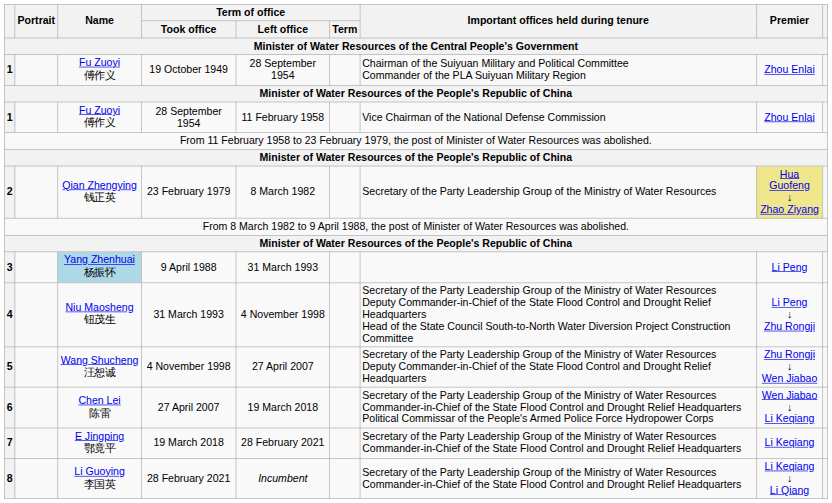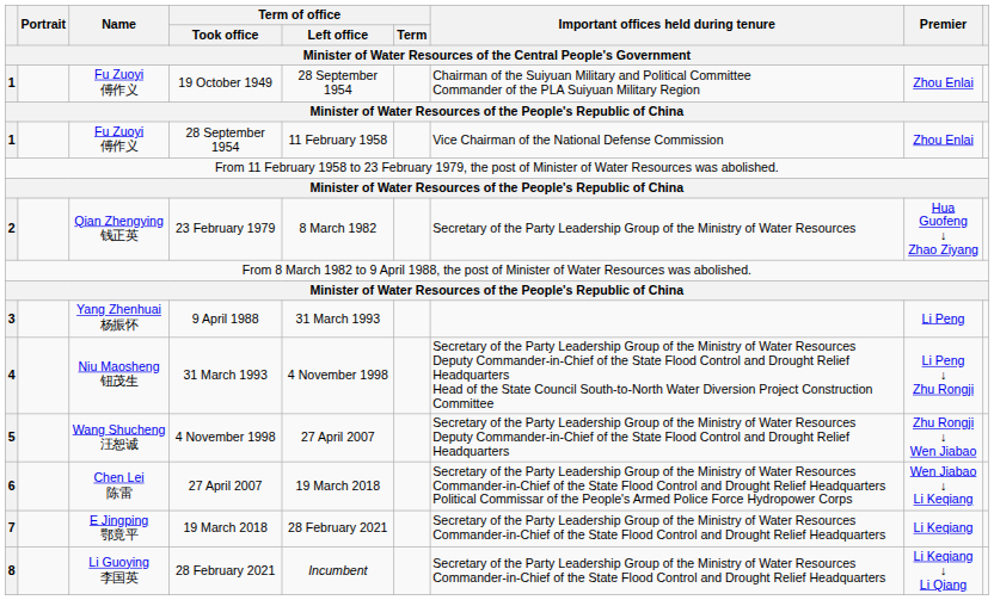 <table class="wikitable" style="text-align:center">
 <tr>
 <th rowspan="2"></th>
 <th rowspan="2">Portrait</th>
 <th rowspan="2" width="120">Name<br></th>
 <th colspan="3">Term of office</th>
 <th rowspan="2">Important offices held during tenure</th>
 <th rowspan="2">Premier</th>
 <th rowspan="2"></th>
 </tr>
 <tr>
 <th>Took office</th>
 <th>Left office</th>
 <th>Term</th>
 </tr>
 <tr>
 <th colspan="9"><strong>Minister of Water Resources of the Central People's Government</strong></th>
 </tr>
 <tr>
 <th>1</th>
 <td></td>
 <td><a href='#'>Fu Zuoyi</a><br>傅作义<br></td>
 <td>19 October 1949</td>
 <td>28 September 1954</td>
 <td></td>
 <td align="left">Chairman of the Suiyuan Military and Political Committee<br>Commander of the PLA Suiyuan Military Region</td>
 <td><a href='#'>Zhou Enlai</a></td>
 <td></td>
 </tr>
 <tr>
 <th colspan="9"><strong>Minister of Water Resources of the People's Republic of China</strong></th>
 </tr>
 <tr>
 <th>1</th>
 <td></td>
 <td><a href='#'>Fu Zuoyi</a><br>傅作义<br></td>
 <td>28 September 1954</td>
 <td>11 February 1958</td>
 <td></td>
 <td align="left">Vice Chairman of the National Defense Commission</td>
 <td><a href='#'>Zhou Enlai</a></td>
 <td></td>
 </tr>
 <tr>
 <td colspan="9">From 11 February 1958 to 23 February 1979, the post of Minister of Water Resources was abolished.</td>
 </tr>
 <tr>
 <th colspan="9"><strong>Minister of Water Resources of the People's Republic of China</strong></th>
 </tr>
 <tr>
 <th>2</th>
 <td></td>
 <td><a href='#'>Qian Zhengying</a><br>钱正英<br></td>
 <td>23 February 1979</td>
 <td>8 March 1982</td>
 <td></td>
 <td align="left">Secretary of the Party Leadership Group of the Ministry of Water Resources</td>
-<td style="background: khaki;"><a href='#'>Hua Guofeng</a><br>↓<br><a href='#'>Zhao Ziyang</a></td>
+<td><a href='#'>Hua Guofeng</a><br>↓<br><a href='#'>Zhao Ziyang</a></td>
 <td></td>
 </tr>
 <tr>
 <td colspan="9">From 8 March 1982 to 9 April 1988, the post of Minister of Water Resources was abolished.</td>
 </tr>
 <tr>
 <th colspan="9"><strong>Minister of Water Resources of the People's Republic of China</strong></th>
 </tr>
 <tr>
 <th>3</th>
 <td></td>
-<td style="background: lightblue;"><a href='#'>Yang Zhenhuai</a><br>杨振怀<br></td>
+<td><a href='#'>Yang Zhenhuai</a><br>杨振怀<br></td>
 <td>9 April 1988</td>
 <td>31 March 1993</td>
 <td></td>
 <td align="left"></td>
 <td><a href='#'>Li Peng</a></td>
 <td></td>
 </tr>
 <tr>
 <th>4</th>
 <td></td>
 <td><a href='#'>Niu Maosheng</a><br>钮茂生<br></td>
 <td>31 March 1993</td>
 <td>4 November 1998</td>
 <td></td>
 <td align="left">Secretary of the Party Leadership Group of the Ministry of Water Resources<br>Deputy Commander-in-Chief of the State Flood Control and Drought Relief Headquarters<br>Head of the State Council South-to-North Water Diversion Project Construction Committee</td>
 <td><a href='#'>Li Peng</a><br>↓<br><a href='#'>Zhu Rongji</a></td>
 <td></td>
 </tr>
 <tr>
 <th>5</th>
 <td></td>
 <td><a href='#'>Wang Shucheng</a><br>汪恕诚<br></td>
 <td>4 November 1998</td>
 <td>27 April 2007</td>
 <td></td>
 <td align="left">Secretary of the Party Leadership Group of the Ministry of Water Resources<br>Deputy Commander-in-Chief of the State Flood Control and Drought Relief Headquarters</td>
 <td><a href='#'>Zhu Rongji</a><br>↓<br><a href='#'>Wen Jiabao</a></td>
 <td></td>
 </tr>
 <tr>
 <th>6</th>
 <td></td>
 <td><a href='#'>Chen Lei</a><br>陈雷<br></td>
 <td>27 April 2007</td>
 <td>19 March 2018</td>
 <td></td>
 <td align="left">Secretary of the Party Leadership Group of the Ministry of Water Resources<br>Commander-in-Chief of the State Flood Control and Drought Relief Headquarters<br>Political Commissar of the People's Armed Police Force Hydropower Corps</td>
 <td><a href='#'>Wen Jiabao</a><br>↓<br><a href='#'>Li Keqiang</a></td>
 <td></td>
 </tr>
 <tr>
 <th>7</th>
 <td></td>
 <td><a href='#'>E Jingping</a><br>鄂竟平<br></td>
 <td>19 March 2018</td>
 <td>28 February 2021</td>
 <td></td>
 <td align="left">Secretary of the Party Leadership Group of the Ministry of Water Resources<br>Commander-in-Chief of the State Flood Control and Drought Relief Headquarters</td>
 <td><a href='#'>Li Keqiang</a></td>
 <td></td>
 </tr>
 <tr>
 <th>8</th>
 <td></td>
 <td><a href='#'>Li Guoying</a><br>李国英<br></td>
 <td>28 February 2021</td>
 <td><em>Incumbent</em></td>
 <td></td>
 <td align="left">Secretary of the Party Leadership Group of the Ministry of Water Resources<br>Commander-in-Chief of the State Flood Control and Drought Relief Headquarters</td>
 <td><a href='#'>Li Keqiang</a><br>↓<br><a href='#'>Li Qiang</a></td>
 <td></td>
 </tr>
 </table>
